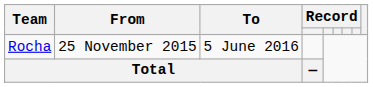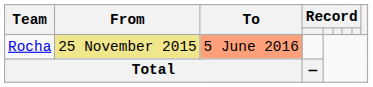 <table class=wikitable style="text-align:center">
 <tr>
 <th rowspan=2>Team</th>
 <th rowspan=2>From</th>
 <th rowspan=2>To</th>
 <th colspan=5>Record</th>
 <th rowspan=2></th>
 </tr>
 <tr>
 <th></th>
 <th></th>
 <th></th>
 <th></th>
 <th></th>
 </tr>
 <tr>
 <td align=left><a href='#'>Rocha</a></td>
-<td align=left>25 November 2015</td>
-<td align=left>5 June 2016<br></td>
+<td align=left style="background: khaki;">25 November 2015</td>
+<td align=left style="background: lightsalmon;">5 June 2016<br></td>
 <td></td>
 </tr>
 <tr>
 <th colspan=3>Total<br></th>
 <th>—</th>
 </tr>
 </table>
